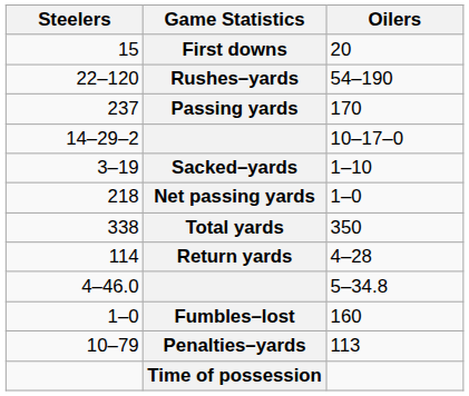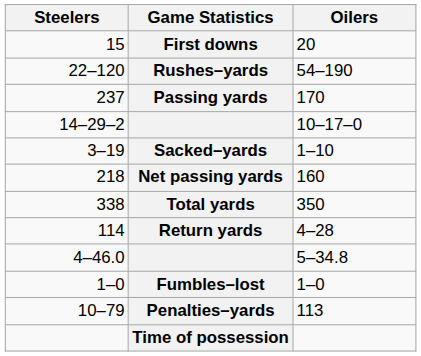 <table class="wikitable" style="margin: 1em auto 1em auto">
 <tr>
 <th style="width:30%;">Steelers</th>
 <th style="width:40%;">Game Statistics</th>
 <th style="width:30%;">Oilers</th>
 </tr>
 <tr>
 <td style="text-align:right;">15</td>
 <th>First downs</th>
 <td>20</td>
 </tr>
 <tr>
 <td style="text-align:right;">22–120</td>
 <th>Rushes–yards</th>
 <td>54–190</td>
 </tr>
 <tr>
 <td style="text-align:right;">237</td>
 <th>Passing yards</th>
 <td>170</td>
 </tr>
 <tr>
 <td style="text-align:right;">14–29–2</td>
 <th></th>
 <td>10–17–0</td>
 </tr>
 <tr>
 <td style="text-align:right;">3–19</td>
 <th>Sacked–yards</th>
 <td>1–10</td>
 </tr>
 <tr>
 <td style="text-align:right;">218</td>
 <th>Net passing yards</th>
-<td>1–0</td>
+<td>160</td>
 </tr>
 <tr>
 <td style="text-align:right;">338</td>
 <th>Total yards</th>
 <td>350</td>
 </tr>
 <tr>
 <td style="text-align:right;">114</td>
 <th>Return yards</th>
 <td>4–28</td>
 </tr>
 <tr>
 <td style="text-align:right;">4–46.0</td>
 <th></th>
 <td>5–34.8</td>
 </tr>
 <tr>
 <td style="text-align:right;">1–0</td>
 <th>Fumbles–lost</th>
-<td>160</td>
+<td>1–0</td>
 </tr>
 <tr>
 <td style="text-align:right;">10–79</td>
 <th>Penalties–yards</th>
 <td>113</td>
 </tr>
 <tr>
 <td style="text-align:right;"></td>
 <th>Time of possession</th>
 <td></td>
 </tr>
 </table>
